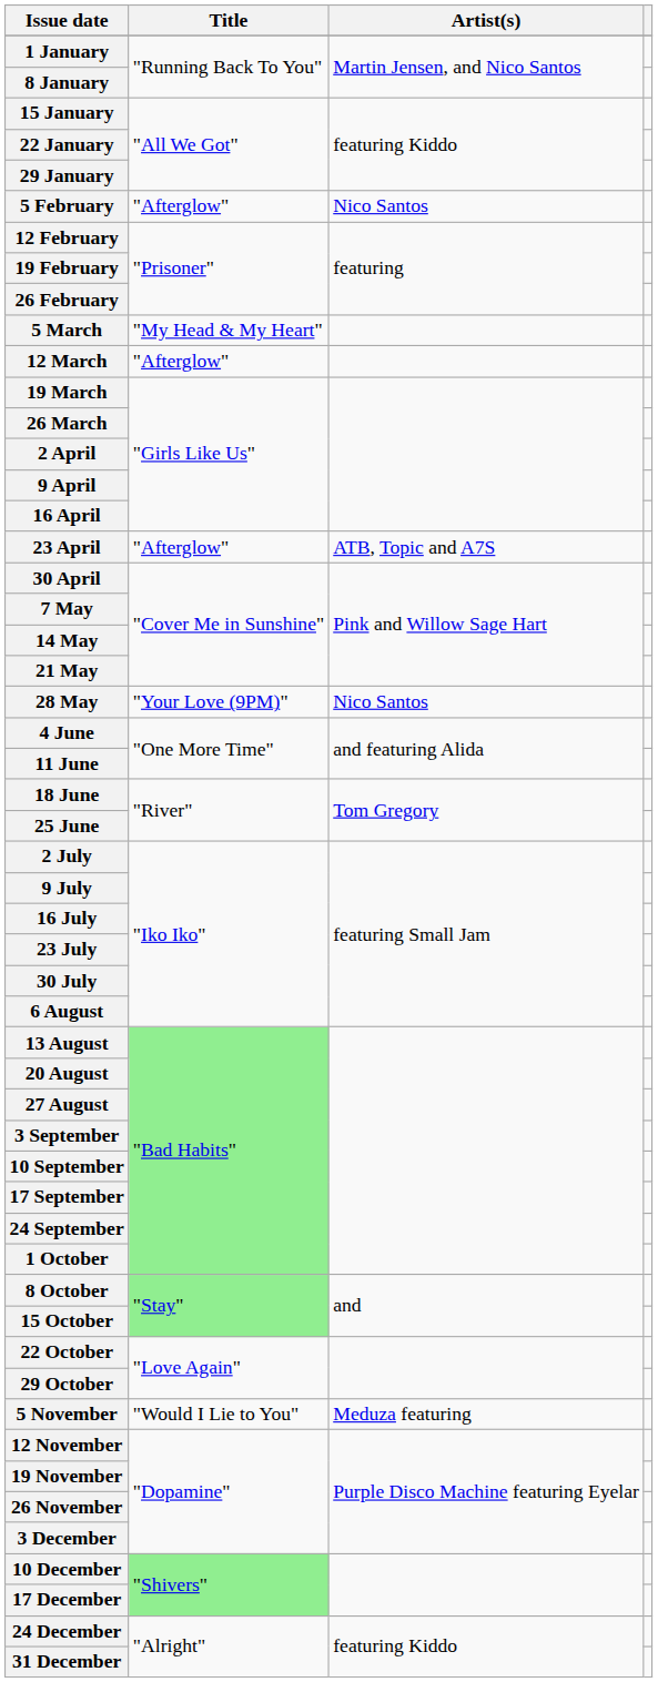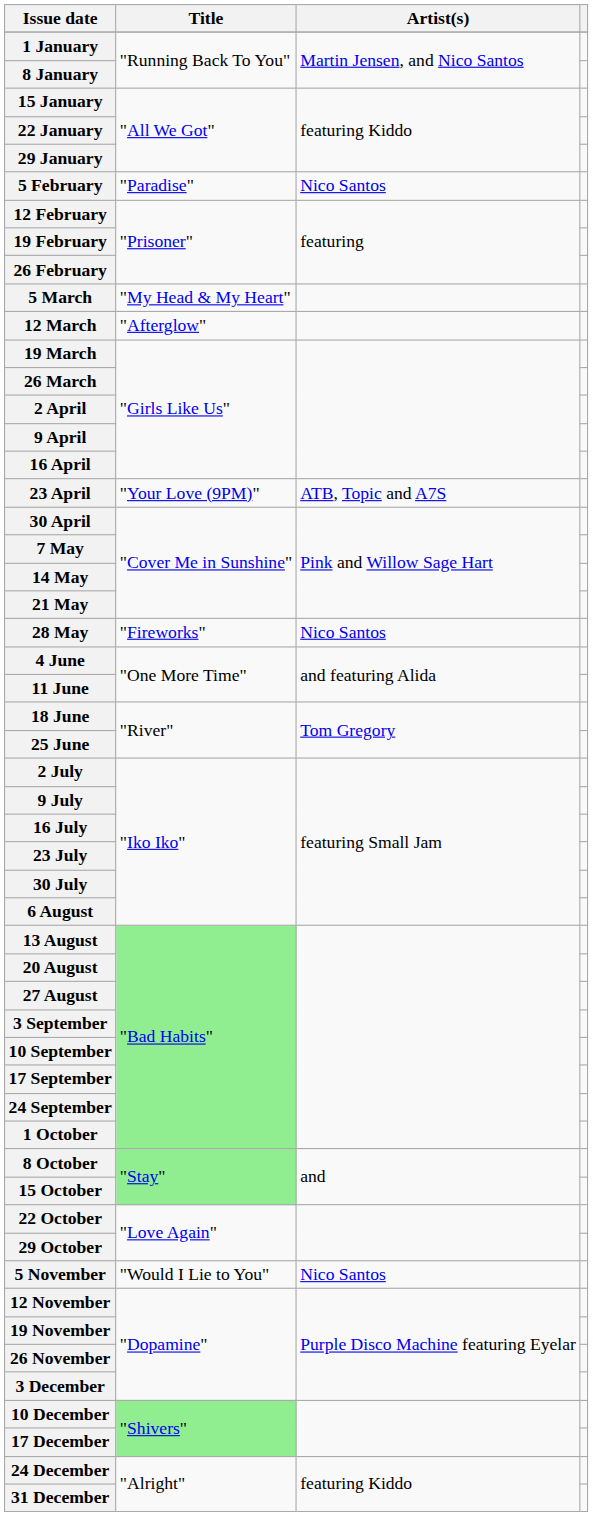 <table class="sortable wikitable sortable plainrowheaders">
 <tr>
 <th scope=col class="sortable">Issue date</th>
 <th scope=col class="sortable">Title</th>
 <th scope=col class="sortable">Artist(s)</th>
 <th scope=col class="unsortable"></th>
 </tr>
 <tr class=unsortable>
 </tr>
 <tr>
 <th scope="row" style="text-align:center;">1 January</th>
 <td scope="row" rowspan="2">"Running Back To You"</td>
 <td rowspan="2"><a href='#'>Martin Jensen</a>,  and <a href='#'>Nico Santos</a></td>
 <td style="text-align:center;"></td>
 </tr>
 <tr>
 <th scope="row" style="text-align:center;">8 January</th>
 <td style="text-align:center;"></td>
 </tr>
 <tr>
 <th scope="row" style="text-align:center;">15 January</th>
 <td scope="row" rowspan="3">"<a href='#'>All We Got</a>"</td>
 <td rowspan="3"> featuring Kiddo</td>
 <td style="text-align:center;"></td>
 </tr>
 <tr>
 <th scope="row" style="text-align:center;">22 January</th>
 <td style="text-align:center;"></td>
 </tr>
 <tr>
 <th scope="row" style="text-align:center;">29 January</th>
 <td style="text-align:center;"></td>
 </tr>
 <tr>
 <th scope="row" style="text-align:center;">5 February</th>
-<td scope="row">"<a href='#'>Afterglow</a>"</td>
+<td scope="row">"<a href='#'>Paradise</a>"</td>
 <td><a href='#'>Nico Santos</a></td>
 <td style="text-align:center;"></td>
 </tr>
 <tr>
 <th scope="row" style="text-align:center;">12 February</th>
 <td scope="row" rowspan="3">"<a href='#'>Prisoner</a>"</td>
 <td rowspan="3"> featuring </td>
 <td style="text-align:center;"></td>
 </tr>
 <tr>
 <th scope="row" style="text-align:center;">19 February</th>
 <td style="text-align:center;"></td>
 </tr>
 <tr>
 <th scope="row" style="text-align:center;">26 February</th>
 <td style="text-align:center;"></td>
 </tr>
 <tr>
 <th scope="row" style="text-align:center;">5 March</th>
 <td scope="row">"<a href='#'>My Head & My Heart</a>"</td>
 <td></td>
 <td style="text-align:center;"></td>
 </tr>
 <tr>
 <th scope="row" style="text-align:center;">12 March</th>
 <td scope="row">"<a href='#'>Afterglow</a>"</td>
 <td></td>
 <td style="text-align:center;"></td>
 </tr>
 <tr>
 <th scope="row" style="text-align:center;">19 March</th>
 <td scope="row" rowspan=5>"<a href='#'>Girls Like Us</a>"</td>
 <td rowspan=5></td>
 <td style="text-align:center;"></td>
 </tr>
 <tr>
 <th scope="row" style="text-align:center;">26 March</th>
 <td style="text-align:center;"></td>
 </tr>
 <tr>
 <th scope="row" style="text-align:center;">2 April</th>
 <td style="text-align:center;"></td>
 </tr>
 <tr>
 <th scope="row" style="text-align:center;">9 April</th>
 <td style="text-align:center;"></td>
 </tr>
 <tr>
 <th scope="row" style="text-align:center;">16 April</th>
 <td style="text-align:center;"></td>
 </tr>
 <tr>
 <th scope="row" style="text-align:center;">23 April</th>
-<td scope="row">"<a href='#'>Afterglow</a>"</td>
+<td>"<a href='#'>Your Love (9PM)</a>"</td>
 <td><a href='#'>ATB</a>, <a href='#'>Topic</a> and <a href='#'>A7S</a></td>
 <td style="text-align:center;"></td>
 </tr>
 <tr>
 <th scope="row" style="text-align:center;">30 April</th>
 <td rowspan="4">"<a href='#'>Cover Me in Sunshine</a>"</td>
 <td rowspan="4"><a href='#'>Pink</a> and <a href='#'>Willow Sage Hart</a></td>
 <td style="text-align:center;"></td>
 </tr>
 <tr>
 <th scope="row" style="text-align:center;">7 May</th>
 <td style="text-align:center;"></td>
 </tr>
 <tr>
 <th scope="row" style="text-align:center;">14 May</th>
 <td style="text-align:center;"></td>
 </tr>
 <tr>
 <th scope="row" style="text-align:center;">21 May</th>
 <td style="text-align:center;"></td>
 </tr>
 <tr>
 <th scope="row" style="text-align:center;">28 May</th>
-<td>"<a href='#'>Your Love (9PM)</a>"</td>
+<td>"<a href='#'>Fireworks</a>"</td>
 <td><a href='#'>Nico Santos</a></td>
 <td style="text-align:center;"></td>
 </tr>
 <tr>
 <th scope="row" style="text-align:center;">4 June</th>
 <td rowspan=2>"One More Time"</td>
 <td rowspan=2> and  featuring Alida</td>
 <td style="text-align:center;"></td>
 </tr>
 <tr>
 <th scope="row" style="text-align:center;">11 June</th>
 <td style="text-align:center;"></td>
 </tr>
 <tr>
 <th scope="row" style="text-align:center;">18 June</th>
 <td rowspan=2>"River"</td>
 <td rowspan=2><a href='#'>Tom Gregory</a></td>
 <td style="text-align:center;"></td>
 </tr>
 <tr>
 <th scope="row" style="text-align:center;">25 June</th>
 <td style="text-align:center;"></td>
 </tr>
 <tr>
 <th scope="row" style="text-align:center;">2 July</th>
 <td rowspan=6>"<a href='#'>Iko Iko</a>"</td>
 <td rowspan=6> featuring Small Jam</td>
 <td style="text-align:center;"></td>
 </tr>
 <tr>
 <th scope="row" style="text-align:center;">9 July</th>
 <td style="text-align:center;"></td>
 </tr>
 <tr>
 <th scope="row" style="text-align:center;">16 July</th>
 <td style="text-align:center;"></td>
 </tr>
 <tr>
 <th scope="row" style="text-align:center;">23 July</th>
 <td style="text-align:center;"></td>
 </tr>
 <tr>
 <th scope="row" style="text-align:center;">30 July</th>
 <td style="text-align:center;"></td>
 </tr>
 <tr>
 <th scope="row" style="text-align:center;">6 August</th>
 <td style="text-align:center;"></td>
 </tr>
 <tr>
 <th scope="row" style="text-align:center;">13 August</th>
 <td rowspan=8 style="background-color:lightgreen">"<a href='#'>Bad Habits</a>" </td>
 <td rowspan=8></td>
 <td style="text-align:center;"></td>
 </tr>
 <tr>
 <th scope="row" style="text-align:center;">20 August</th>
 <td style="text-align:center;"></td>
 </tr>
 <tr>
 <th scope="row" style="text-align:center;">27 August</th>
 <td style="text-align:center;"></td>
 </tr>
 <tr>
 <th scope="row" style="text-align:center;">3 September</th>
 <td style="text-align:center;"></td>
 </tr>
 <tr>
 <th scope="row" style="text-align:center;">10 September</th>
 <td style="text-align:center;"></td>
 </tr>
 <tr>
 <th scope="row" style="text-align:center;">17 September</th>
 <td style="text-align:center;"></td>
 </tr>
 <tr>
 <th scope="row" style="text-align:center;">24 September</th>
 <td style="text-align:center;"></td>
 </tr>
 <tr>
 <th scope="row" style="text-align:center;">1 October</th>
 <td style="text-align:center;"></td>
 </tr>
 <tr>
 <th scope="row" style="text-align:center;">8 October</th>
 <td rowspan=2 style="background-color:lightgreen">"<a href='#'>Stay</a>" </td>
 <td rowspan=2> and </td>
 <td style="text-align:center;"></td>
 </tr>
 <tr>
 <th scope="row" style="text-align:center;">15 October</th>
 <td style="text-align:center;"></td>
 </tr>
 <tr>
 <th scope="row" style="text-align:center;">22 October</th>
 <td rowspan=2>"<a href='#'>Love Again</a>"</td>
 <td rowspan=2></td>
 <td style="text-align:center;"></td>
 </tr>
 <tr>
 <th scope="row" style="text-align:center;">29 October</th>
 <td style="text-align:center;"></td>
 </tr>
 <tr>
 <th scope="row" style="text-align:center;">5 November</th>
 <td>"Would I Lie to You"</td>
-<td><a href='#'>Meduza</a> featuring </td>
+<td><a href='#'>Nico Santos</a></td>
 <td style="text-align:center;"></td>
 </tr>
 <tr>
 <th scope="row" style="text-align:center;">12 November</th>
 <td rowspan=4>"<a href='#'>Dopamine</a>"</td>
 <td rowspan=4><a href='#'>Purple Disco Machine</a> featuring Eyelar</td>
 <td style="text-align:center;"></td>
 </tr>
 <tr>
 <th scope="row" style="text-align:center;">19 November</th>
 <td style="text-align:center;"></td>
 </tr>
 <tr>
 <th scope="row" style="text-align:center;">26 November</th>
 <td style="text-align:center;"></td>
 </tr>
 <tr>
 <th scope="row" style="text-align:center;">3 December</th>
 <td style="text-align:center;"></td>
 </tr>
 <tr>
 <th scope="row" style="text-align:center;">10 December</th>
 <td rowspan=2 style="background-color:lightgreen">"<a href='#'>Shivers</a>" </td>
 <td rowspan=2></td>
 <td style="text-align:center;"></td>
 </tr>
 <tr>
 <th scope="row" style="text-align:center;">17 December</th>
 <td style="text-align:center;"></td>
 </tr>
 <tr>
 <th scope="row" style="text-align:center;">24 December</th>
 <td rowspan=2>"Alright"</td>
 <td rowspan=2> featuring Kiddo</td>
 <td style="text-align:center;"></td>
 </tr>
 <tr>
 <th scope="row" style="text-align:center;">31 December</th>
 <td style="text-align:center;"></td>
 </tr>
 </table>
